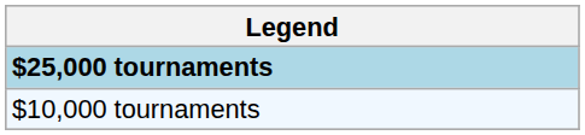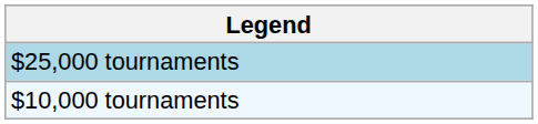 <table class="wikitable" style="font-size:85%;" width=15%>
 <tr>
 <th>Legend</th>
 </tr>
 <tr style="background:lightblue;">
-<td><strong>$25,000 tournaments</strong></td>
+<td>$25,000 tournaments</td>
 </tr>
 <tr style="background:#f0f8ff;">
 <td>$10,000 tournaments</td>
 </tr>
 </table>
